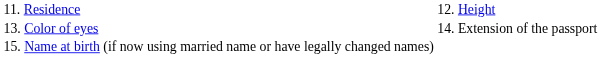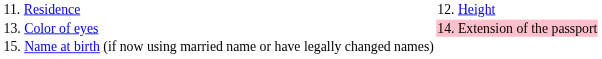 <table>
 <tr>
 <td>11. <a href='#'>Residence</a></td>
 <td>12. <a href='#'>Height</a></td>
 </tr>
 <tr>
 <td>13. <a href='#'>Color of eyes</a>    </td>
-<td>14. Extension of the passport</td>
+<td style="background: pink;">14. Extension of the passport</td>
 </tr>
 <tr>
 <td>15. <a href='#'>Name at birth</a> (if now using married name or have legally changed names)</td>
 </tr>
 </table>
